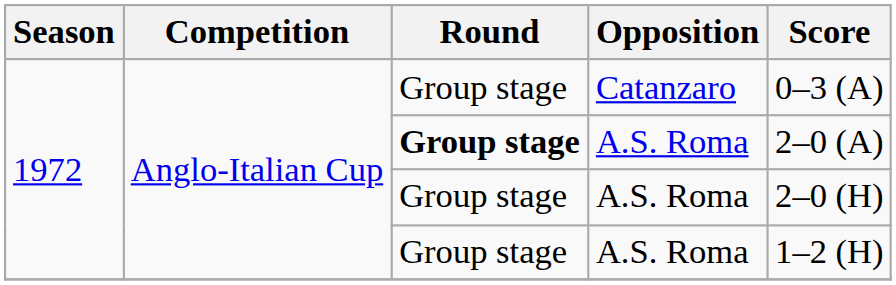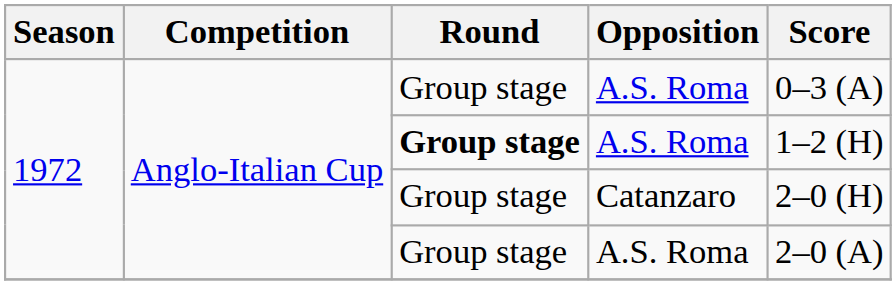 <table class="wikitable">
 <tr>
 <th>Season</th>
 <th>Competition</th>
 <th>Round</th>
 <th>Opposition</th>
 <th>Score</th>
 </tr>
 <tr>
 <td rowspan="4"><a href='#'>1972</a></td>
 <td rowspan="4"><a href='#'>Anglo-Italian Cup</a></td>
 <td>Group stage</td>
-<td> <a href='#'>Catanzaro</a></td>
+<td> <a href='#'>A.S. Roma</a></td>
 <td>0–3 (A)</td>
 </tr>
 <tr>
 <td><strong>Group stage</strong></td>
 <td> <a href='#'>A.S. Roma</a></td>
-<td>2–0 (A)</td>
+<td>1–2 (H)</td>
 </tr>
 <tr>
 <td>Group stage</td>
-<td> A.S. Roma</td>
+<td> Catanzaro</td>
 <td>2–0 (H)</td>
 </tr>
 <tr>
 <td>Group stage</td>
 <td> A.S. Roma</td>
-<td>1–2 (H)</td>
+<td>2–0 (A)</td>
 </tr>
 <tr>
 </tr>
 </table>
